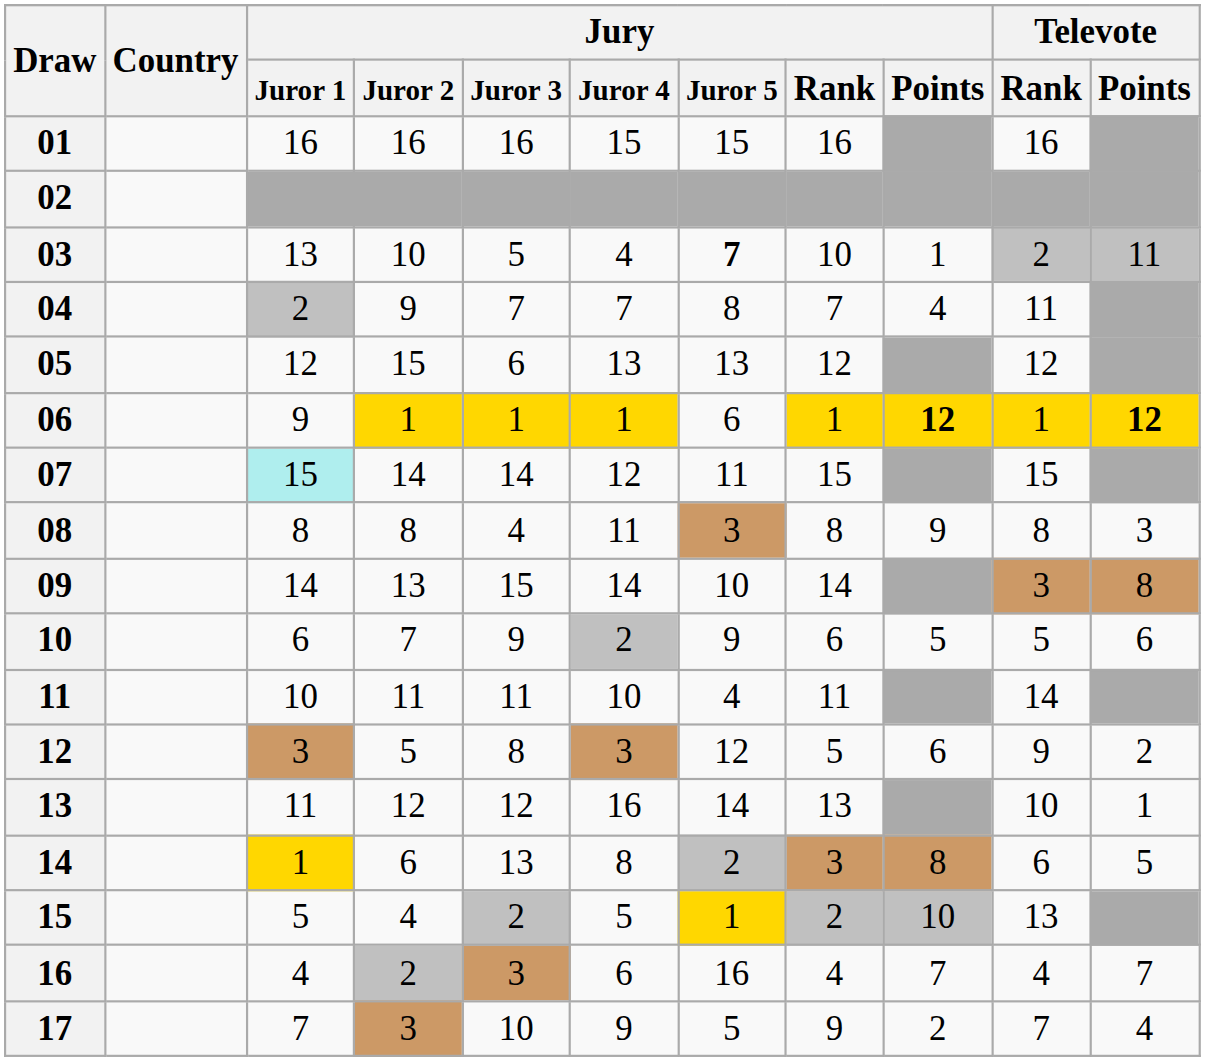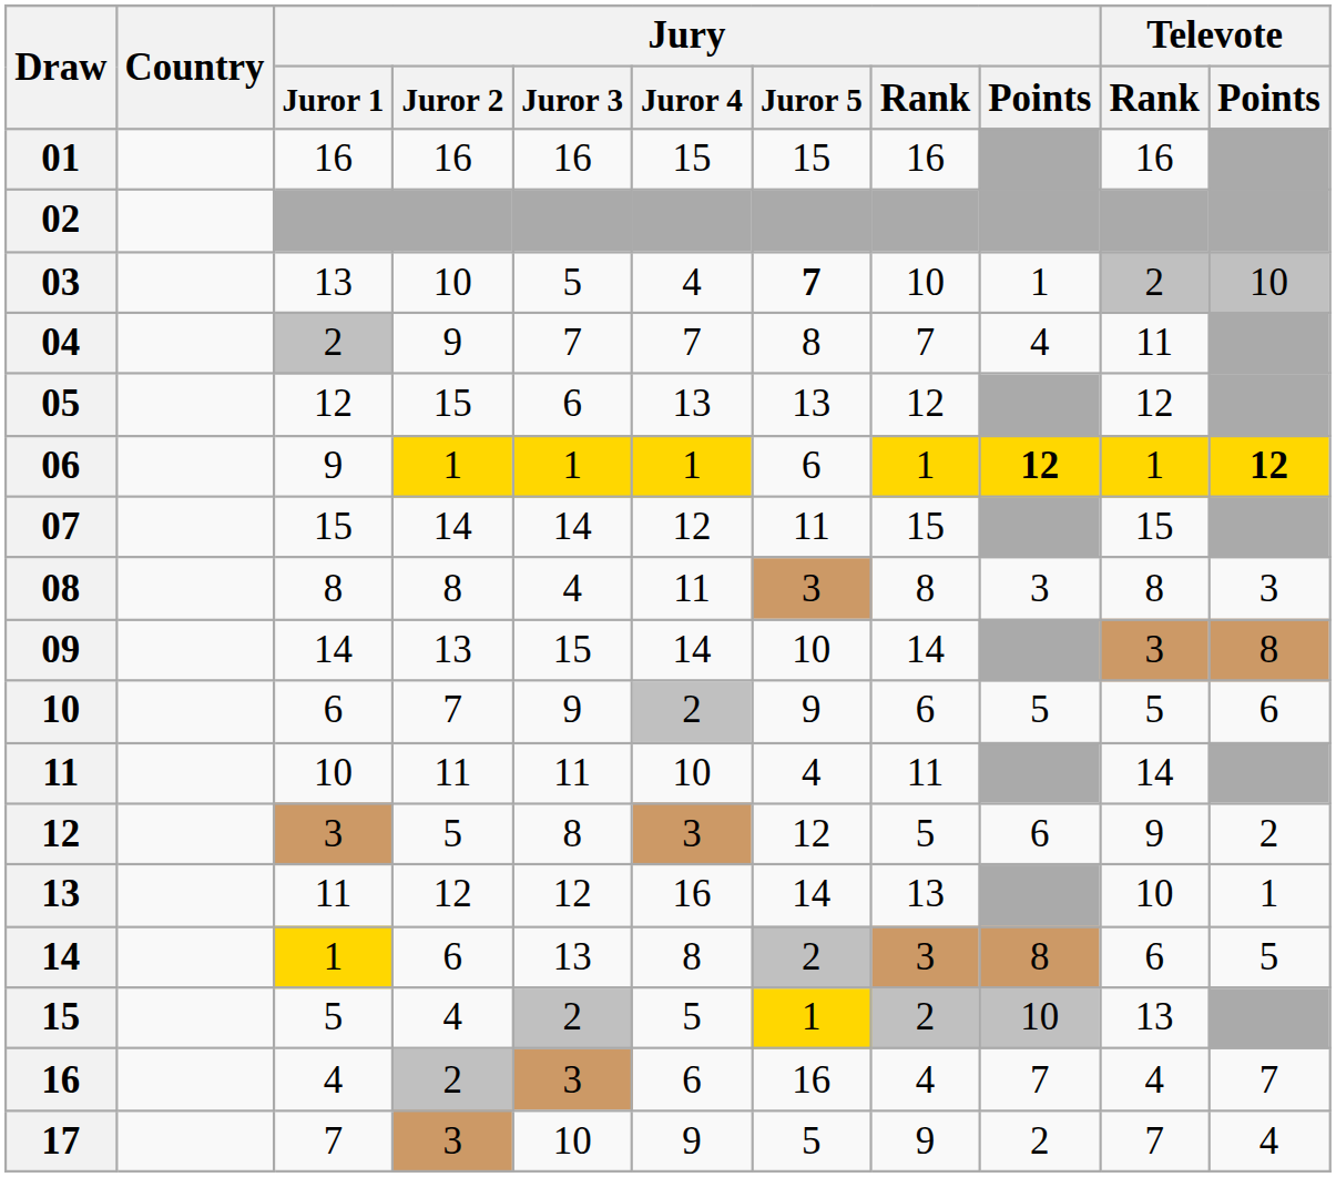 <table class="sortable wikitable collapsible plainrowheaders" style="text-align:center">
 <tr>
 </tr>
 <tr>
 <th scope="col" rowspan="2">Draw</th>
 <th scope="col" rowspan="2">Country</th>
 <th scope="col" colspan="7">Jury</th>
 <th scope="col" colspan="2">Televote</th>
 </tr>
 <tr>
 <th scope="col"><small>Juror 1</small></th>
 <th scope="col"><small>Juror 2</small></th>
 <th scope="col"><small>Juror 3</small></th>
 <th scope="col"><small>Juror 4</small></th>
 <th scope="col"><small>Juror 5</small></th>
 <th scope="col">Rank</th>
 <th scope="col">Points</th>
 <th scope="col">Rank</th>
 <th scope="col">Points</th>
 </tr>
 <tr>
 <th scope="row" style="text-align:center;">01</th>
 <td style="text-align:left;"></td>
 <td>16</td>
 <td>16</td>
 <td>16</td>
 <td>15</td>
 <td>15</td>
 <td>16</td>
 <td style="background:#AAAAAA;"></td>
 <td>16</td>
 <td style="background:#AAAAAA;"></td>
 </tr>
 <tr class="sortbottom">
 <th scope="row" style="text-align:center;">02</th>
 <td style="text-align:left;"></td>
 <td style="background:#AAAAAA;"></td>
 <td style="background:#AAAAAA;"></td>
 <td style="background:#AAAAAA;"></td>
 <td style="background:#AAAAAA;"></td>
 <td style="background:#AAAAAA;"></td>
 <td style="background:#AAAAAA;"></td>
 <td style="background:#AAAAAA;"></td>
 <td style="background:#AAAAAA;"></td>
 <td style="background:#AAAAAA;"></td>
 </tr>
 <tr>
 <th scope="row" style="text-align:center;">03</th>
 <td style="text-align:left;"></td>
 <td>13</td>
 <td>10</td>
 <td>5</td>
 <td>4</td>
 <td><strong>7</strong></td>
 <td>10</td>
 <td>1</td>
 <td style="background:silver;">2</td>
-<td style="background:silver;">11</td>
+<td style="background:silver;">10</td>
 </tr>
 <tr>
 <th scope="row" style="text-align:center;">04</th>
 <td style="text-align:left;"></td>
 <td style="background:silver;">2</td>
 <td>9</td>
 <td>7</td>
 <td>7</td>
 <td>8</td>
 <td>7</td>
 <td>4</td>
 <td>11</td>
 <td style="background:#AAAAAA;"></td>
 </tr>
 <tr>
 <th scope="row" style="text-align:center;">05</th>
 <td style="text-align:left;"></td>
 <td>12</td>
 <td>15</td>
 <td>6</td>
 <td>13</td>
 <td>13</td>
 <td>12</td>
 <td style="background:#AAAAAA;"></td>
 <td>12</td>
 <td style="background:#AAAAAA;"></td>
 </tr>
 <tr>
 <th scope="row" style="text-align:center;">06</th>
 <td style="text-align:left;"></td>
 <td>9</td>
 <td style="background:gold;">1</td>
 <td style="background:gold;">1</td>
 <td style="background:gold;">1</td>
 <td>6</td>
 <td style="background:gold;">1</td>
 <td style="background:gold;"><strong>12</strong></td>
 <td style="background:gold;">1</td>
 <td style="background:gold;"><strong>12</strong></td>
 </tr>
 <tr>
 <th scope="row" style="text-align:center;">07</th>
 <td style="text-align:left;"></td>
-<td style="background: paleturquoise;">15</td>
+<td>15</td>
 <td>14</td>
 <td>14</td>
 <td>12</td>
 <td>11</td>
 <td>15</td>
 <td style="background:#AAAAAA;"></td>
 <td>15</td>
 <td style="background:#AAAAAA;"></td>
 </tr>
 <tr>
 <th scope="row" style="text-align:center;">08</th>
 <td style="text-align:left;"></td>
 <td>8</td>
 <td>8</td>
 <td>4</td>
 <td>11</td>
 <td style="background:#CC9966;">3</td>
 <td>8</td>
-<td>9</td>
+<td>3</td>
 <td>8</td>
 <td>3</td>
 </tr>
 <tr>
 <th scope="row" style="text-align:center;">09</th>
 <td style="text-align:left;"></td>
 <td>14</td>
 <td>13</td>
 <td>15</td>
 <td>14</td>
 <td>10</td>
 <td>14</td>
 <td style="background:#AAAAAA;"></td>
 <td style="background:#CC9966;">3</td>
 <td style="background:#CC9966;">8</td>
 </tr>
 <tr>
 <th scope="row" style="text-align:center;">10</th>
 <td style="text-align:left;"></td>
 <td>6</td>
 <td>7</td>
 <td>9</td>
 <td style="background:silver;">2</td>
 <td>9</td>
 <td>6</td>
 <td>5</td>
 <td>5</td>
 <td>6</td>
 </tr>
 <tr>
 <th scope="row" style="text-align:center;">11</th>
 <td style="text-align:left;"></td>
 <td>10</td>
 <td>11</td>
 <td>11</td>
 <td>10</td>
 <td>4</td>
 <td>11</td>
 <td style="background:#AAAAAA;"></td>
 <td>14</td>
 <td style="background:#AAAAAA;"></td>
 </tr>
 <tr>
 <th scope="row" style="text-align:center;">12</th>
 <td style="text-align:left;"></td>
 <td style="background:#CC9966;">3</td>
 <td>5</td>
 <td>8</td>
 <td style="background:#CC9966;">3</td>
 <td>12</td>
 <td>5</td>
 <td>6</td>
 <td>9</td>
 <td>2</td>
 </tr>
 <tr>
 <th scope="row" style="text-align:center;">13</th>
 <td style="text-align:left;"></td>
 <td>11</td>
 <td>12</td>
 <td>12</td>
 <td>16</td>
 <td>14</td>
 <td>13</td>
 <td style="background:#AAAAAA;"></td>
 <td>10</td>
 <td>1</td>
 </tr>
 <tr>
 <th scope="row" style="text-align:center;">14</th>
 <td style="text-align:left;"></td>
 <td style="background:gold;">1</td>
 <td>6</td>
 <td>13</td>
 <td>8</td>
 <td style="background:silver;">2</td>
 <td style="background:#CC9966;">3</td>
 <td style="background:#CC9966;">8</td>
 <td>6</td>
 <td>5</td>
 </tr>
 <tr>
 <th scope="row" style="text-align:center;">15</th>
 <td style="text-align:left;"></td>
 <td>5</td>
 <td>4</td>
 <td style="background:silver;">2</td>
 <td>5</td>
 <td style="background:gold;">1</td>
 <td style="background:silver;">2</td>
 <td style="background:silver;">10</td>
 <td>13</td>
 <td style="background:#AAAAAA;"></td>
 </tr>
 <tr>
 <th scope="row" style="text-align:center;">16</th>
 <td style="text-align:left;"></td>
 <td>4</td>
 <td style="background:silver;">2</td>
 <td style="background:#CC9966;">3</td>
 <td>6</td>
 <td>16</td>
 <td>4</td>
 <td>7</td>
 <td>4</td>
 <td>7</td>
 </tr>
 <tr>
 <th scope="row" style="text-align:center;">17</th>
 <td style="text-align:left;"></td>
 <td>7</td>
 <td style="background:#CC9966;">3</td>
 <td>10</td>
 <td>9</td>
 <td>5</td>
 <td>9</td>
 <td>2</td>
 <td>7</td>
 <td>4</td>
 </tr>
 </table>
